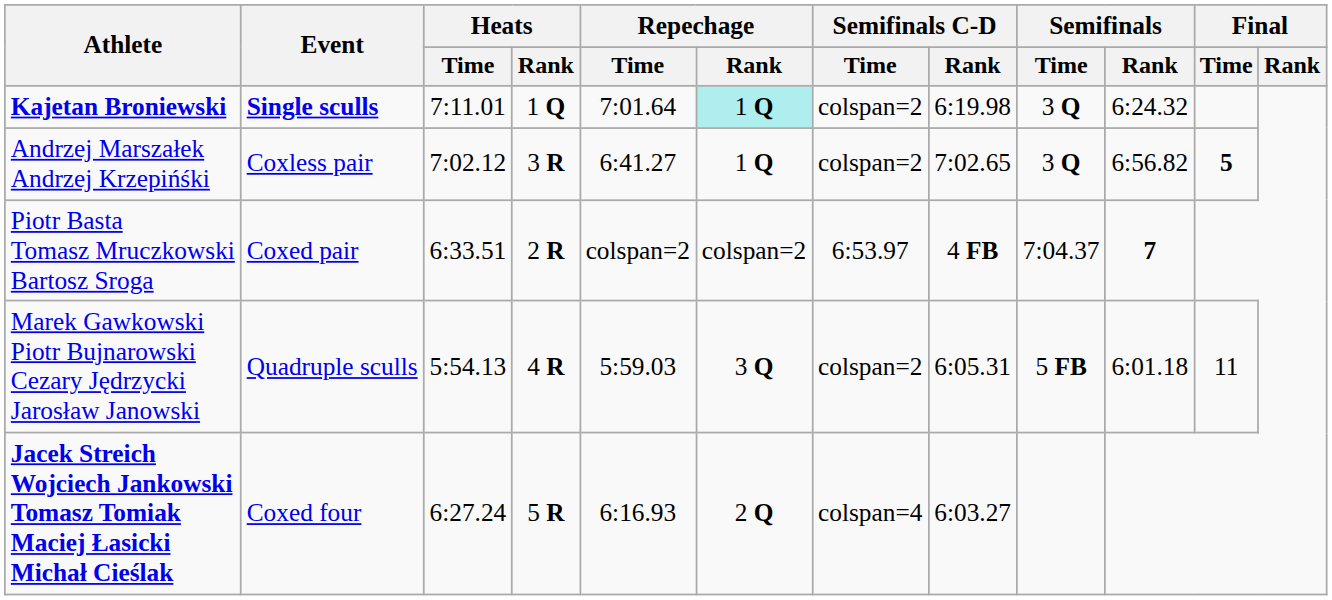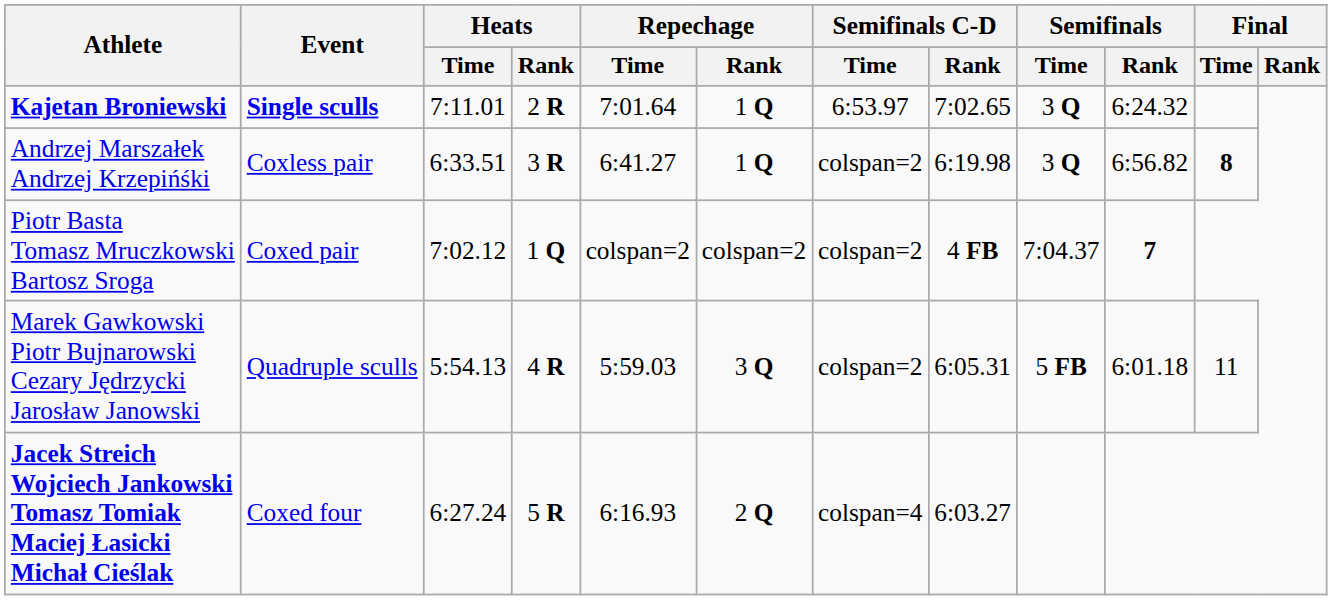 <table class="wikitable" style="font-size:90%">
 <tr>
 <th rowspan="2">Athlete</th>
 <th rowspan="2">Event</th>
 <th colspan="2">Heats</th>
 <th colspan="2">Repechage</th>
 <th colspan="2">Semifinals C-D</th>
 <th colspan="2">Semifinals</th>
 <th colspan="2">Final</th>
 </tr>
 <tr style="font-size:95%">
 <th>Time</th>
 <th>Rank</th>
 <th>Time</th>
 <th>Rank</th>
 <th>Time</th>
 <th>Rank</th>
 <th>Time</th>
 <th>Rank</th>
 <th>Time</th>
 <th>Rank</th>
 </tr>
 <tr align=center>
 <td align=left><strong><a href='#'>Kajetan Broniewski</a></strong></td>
 <td align=left><strong><a href='#'>Single sculls</a></strong></td>
 <td>7:11.01</td>
+<td>2 <strong>R</strong></td>
+<td>7:01.64</td>
 <td>1 <strong>Q</strong></td>
-<td>7:01.64</td>
-<td style="background: paleturquoise;">1 <strong>Q</strong></td>
-<td>colspan=2 </td>
-<td>6:19.98</td>
+<td>6:53.97</td>
+<td>7:02.65</td>
 <td>3 <strong>Q</strong></td>
 <td>6:24.32</td>
 <td></td>
 </tr>
 <tr align=center>
 <td align=left><a href='#'>Andrzej Marszałek</a><br><a href='#'>Andrzej Krzepińśki</a></td>
 <td align=left><a href='#'>Coxless pair</a></td>
-<td>7:02.12</td>
+<td>6:33.51</td>
 <td>3 <strong>R</strong></td>
 <td>6:41.27</td>
 <td>1 <strong>Q</strong></td>
 <td>colspan=2 </td>
-<td>7:02.65</td>
+<td>6:19.98</td>
 <td>3 <strong>Q</strong></td>
 <td>6:56.82</td>
-<td><strong>5</strong></td>
+<td><strong>8</strong></td>
 </tr>
 <tr align=center>
 <td align=left><a href='#'>Piotr Basta</a><br><a href='#'>Tomasz Mruczkowski</a><br><a href='#'>Bartosz Sroga</a></td>
 <td align=left><a href='#'>Coxed pair</a></td>
-<td>6:33.51</td>
-<td>2 <strong>R</strong></td>
+<td>7:02.12</td>
+<td>1 <strong>Q</strong></td>
 <td>colspan=2 </td>
 <td>colspan=2 </td>
-<td>6:53.97</td>
+<td>colspan=2 </td>
 <td>4 <strong>FB</strong></td>
 <td>7:04.37</td>
 <td><strong>7</strong></td>
 </tr>
 <tr align=center>
 <td align=left><a href='#'>Marek Gawkowski</a><br><a href='#'>Piotr Bujnarowski</a><br><a href='#'>Cezary Jędrzycki</a><br><a href='#'>Jarosław Janowski</a></td>
 <td align=left><a href='#'>Quadruple sculls</a></td>
 <td>5:54.13</td>
 <td>4 <strong>R</strong></td>
 <td>5:59.03</td>
 <td>3 <strong>Q</strong></td>
 <td>colspan=2 </td>
 <td>6:05.31</td>
 <td>5 <strong>FB</strong></td>
 <td>6:01.18</td>
 <td>11</td>
 </tr>
 <tr align=center>
 <td align=left><strong><a href='#'>Jacek Streich</a><br><a href='#'>Wojciech Jankowski</a><br><a href='#'>Tomasz Tomiak</a><br><a href='#'>Maciej Łasicki</a><br><a href='#'>Michał Cieślak</a></strong></td>
 <td align=left><a href='#'>Coxed four</a></td>
 <td>6:27.24</td>
 <td>5 <strong>R</strong></td>
 <td>6:16.93</td>
 <td>2 <strong>Q</strong></td>
 <td>colspan=4 </td>
 <td>6:03.27</td>
 <td></td>
 </tr>
 </table>
